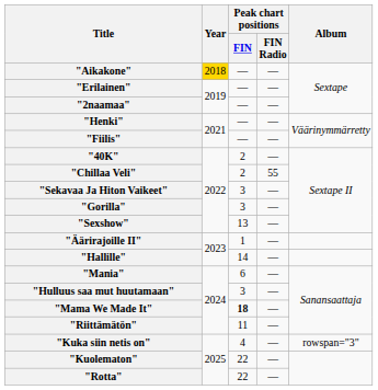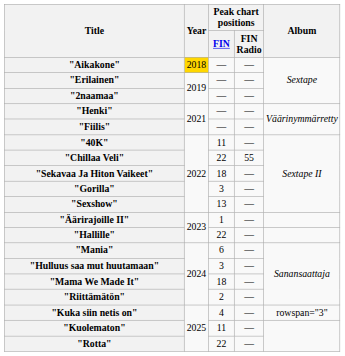 <table class="wikitable plainrowheaders" style="text-align:center">
 <tr>
 <th scope="colw" rowspan="2" style="width:18em;">Title</th>
 <th scope="col" rowspan="2">Year</th>
 <th scope="col" colspan="2">Peak chart positions</th>
 <th scope="col" rowspan="2">Album</th>
 </tr>
 <tr>
 <th width="35"><a href='#'>FIN</a></th>
 <th width="35">FIN Radio</th>
 </tr>
 <tr>
 <th scope="row">"Aikakone"</th>
 <td style="background: gold;">2018</td>
 <td>—</td>
 <td>—</td>
 <td rowspan="3"><em>Sextape</em></td>
 </tr>
 <tr>
 <th scope="row">"Erilainen"</th>
 <td rowspan="2">2019</td>
 <td>—</td>
 <td>—</td>
 </tr>
 <tr>
 <th scope="row">"2naamaa"</th>
 <td>—</td>
 <td>—</td>
 </tr>
 <tr>
 <th scope="row">"Henki"</th>
 <td rowspan="2">2021</td>
 <td>—</td>
 <td>—</td>
 <td rowspan="2"><em>Väärinymmärretty</em></td>
 </tr>
 <tr>
 <th scope="row">"Fiilis"<br></th>
 <td>—</td>
 <td>—</td>
 </tr>
 <tr>
 <th scope="row">"40K"</th>
 <td rowspan="5">2022</td>
-<td>2</td>
+<td>11</td>
 <td>—</td>
 <td rowspan="5"><em>Sextape II</em></td>
 </tr>
 <tr>
 <th scope="row">"Chillaa Veli"</th>
-<td>2</td>
+<td>22</td>
 <td>55</td>
 </tr>
 <tr>
 <th scope="row">"Sekavaa Ja Hiton Vaikeet"</th>
-<td>3</td>
+<td>18</td>
 <td>—</td>
 </tr>
 <tr>
 <th scope="row">"Gorilla"<br></th>
 <td>3</td>
 <td>—</td>
 </tr>
 <tr>
 <th scope="row">"Sexshow"</th>
 <td>13</td>
 <td>—</td>
 </tr>
 <tr>
 <th scope=row>"Äärirajoille II"</th>
 <td rowspan=2>2023</td>
 <td>1</td>
 <td>—</td>
 </tr>
 <tr>
 <th scope="row">"Hallille"</th>
-<td>14</td>
+<td>22</td>
 <td>—</td>
 <td></td>
 </tr>
 <tr>
 <th scope="row">"Mania"</th>
 <td rowspan="4">2024</td>
 <td>6</td>
 <td>—</td>
 <td rowspan="4"><em>Sanansaattaja</em></td>
 </tr>
 <tr>
 <th scope="row">"Hulluus saa mut huutamaan"</th>
 <td>3</td>
 <td>—</td>
 </tr>
 <tr>
 <th scope="row">"Mama We Made It"<br></th>
-<td><strong>18</strong></td>
+<td>18</td>
 <td>—</td>
 </tr>
 <tr>
 <th scope="row">"Riittämätön"<br></th>
-<td>11</td>
+<td>2</td>
 <td>—</td>
 </tr>
 <tr>
 <th scope="row">"Kuka siin netis on"</th>
 <td rowspan="3">2025</td>
 <td>4</td>
 <td>—</td>
 <td>rowspan="3" </td>
 </tr>
 <tr>
 <th scope="row">"Kuolematon"</th>
-<td>22</td>
+<td>11</td>
 <td>—</td>
 </tr>
 <tr>
 <th scope="row">"Rotta"<br></th>
 <td>22</td>
 <td>—</td>
 </tr>
 </table>
